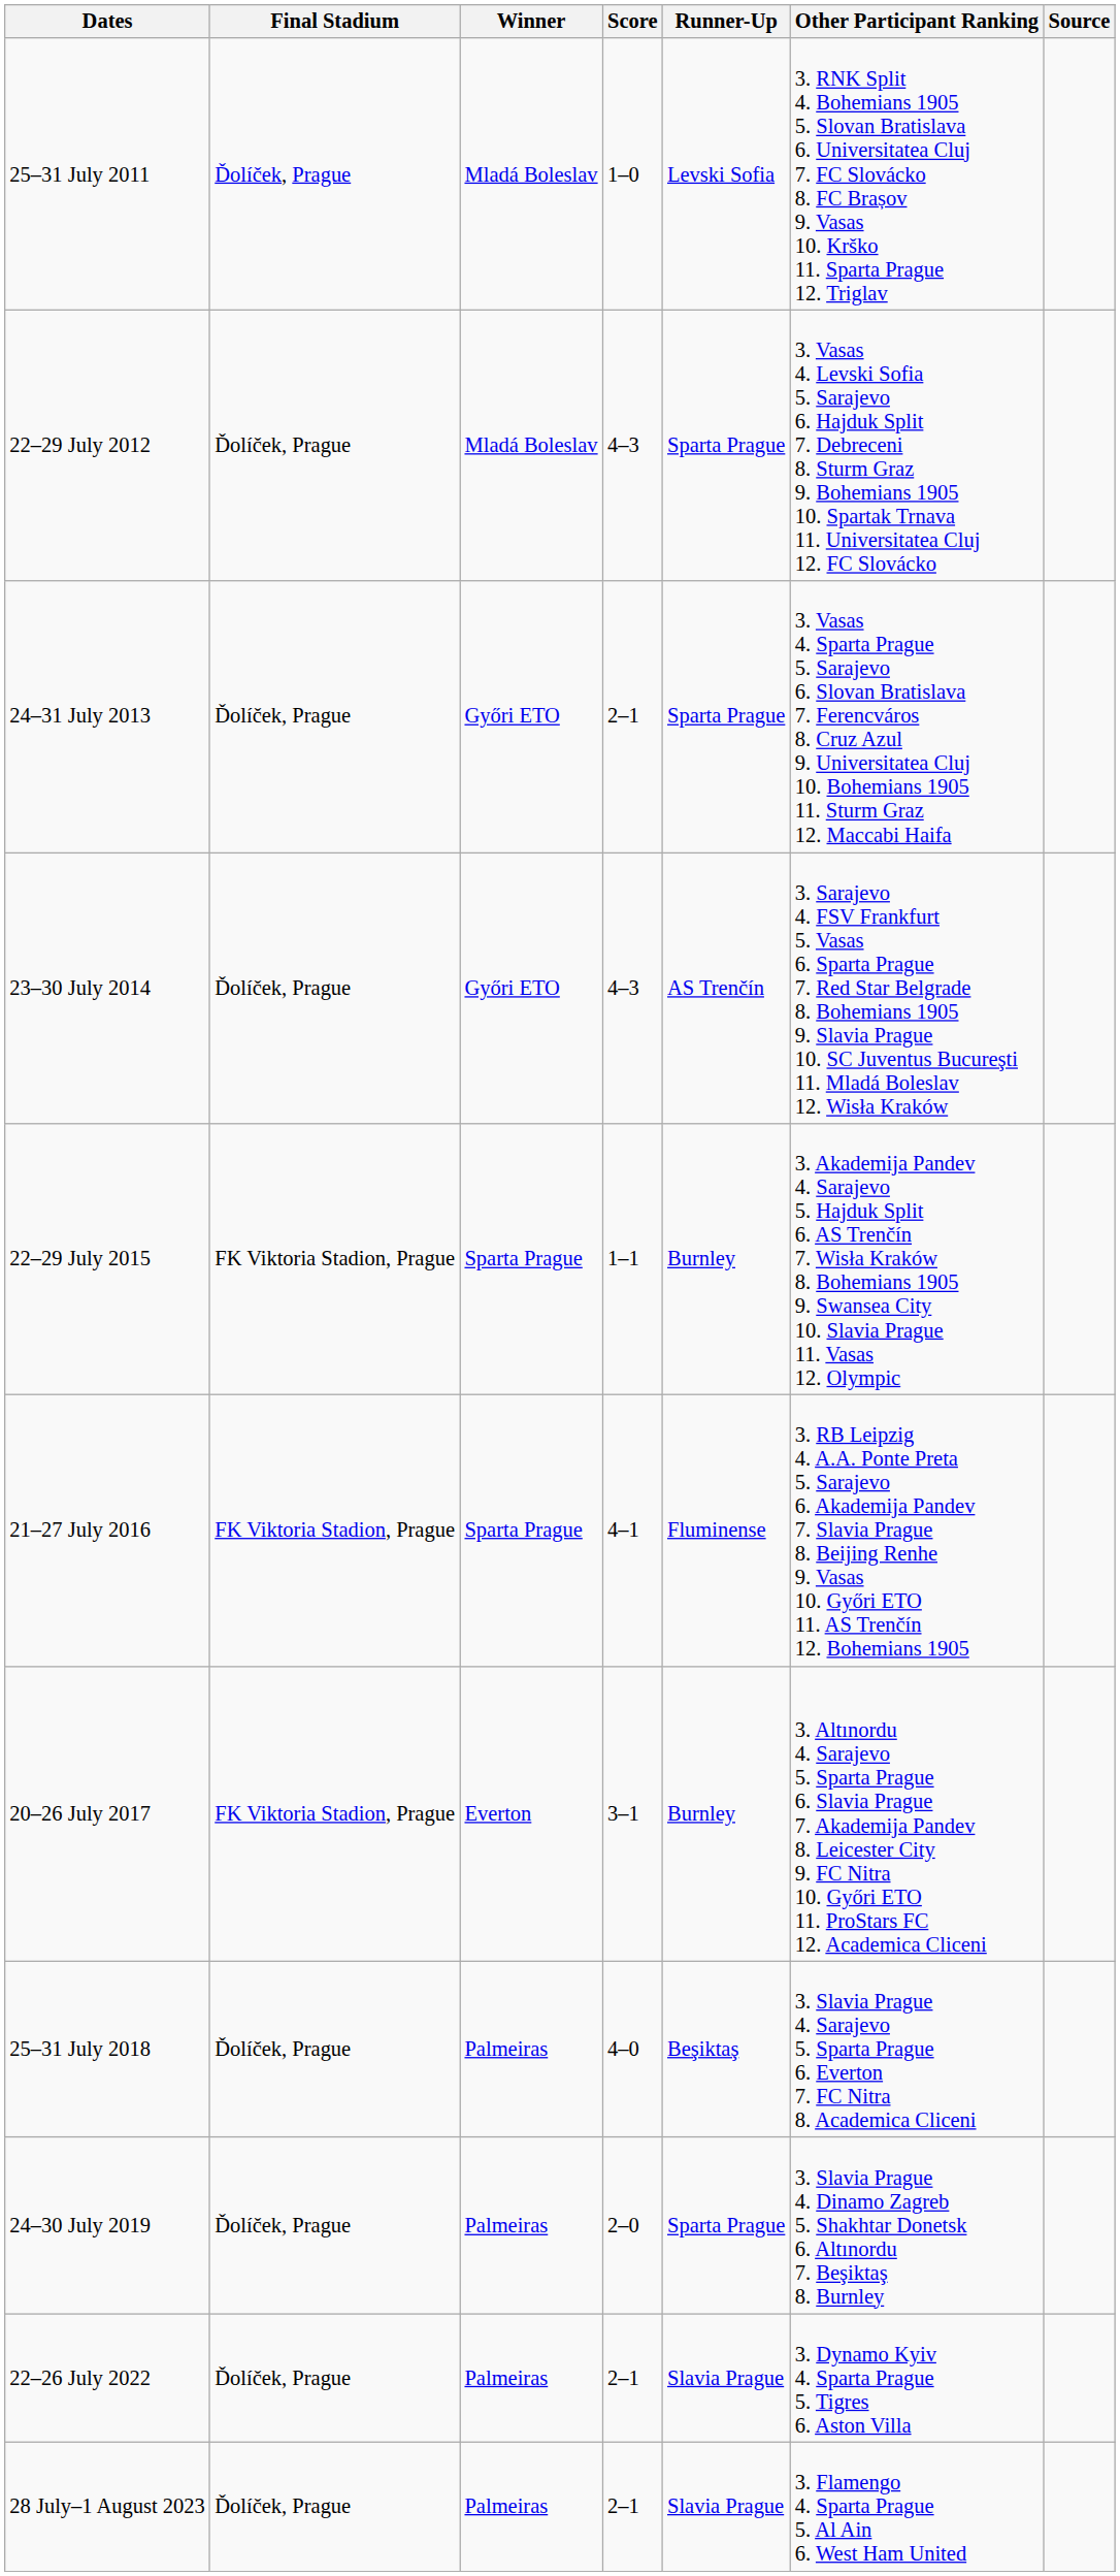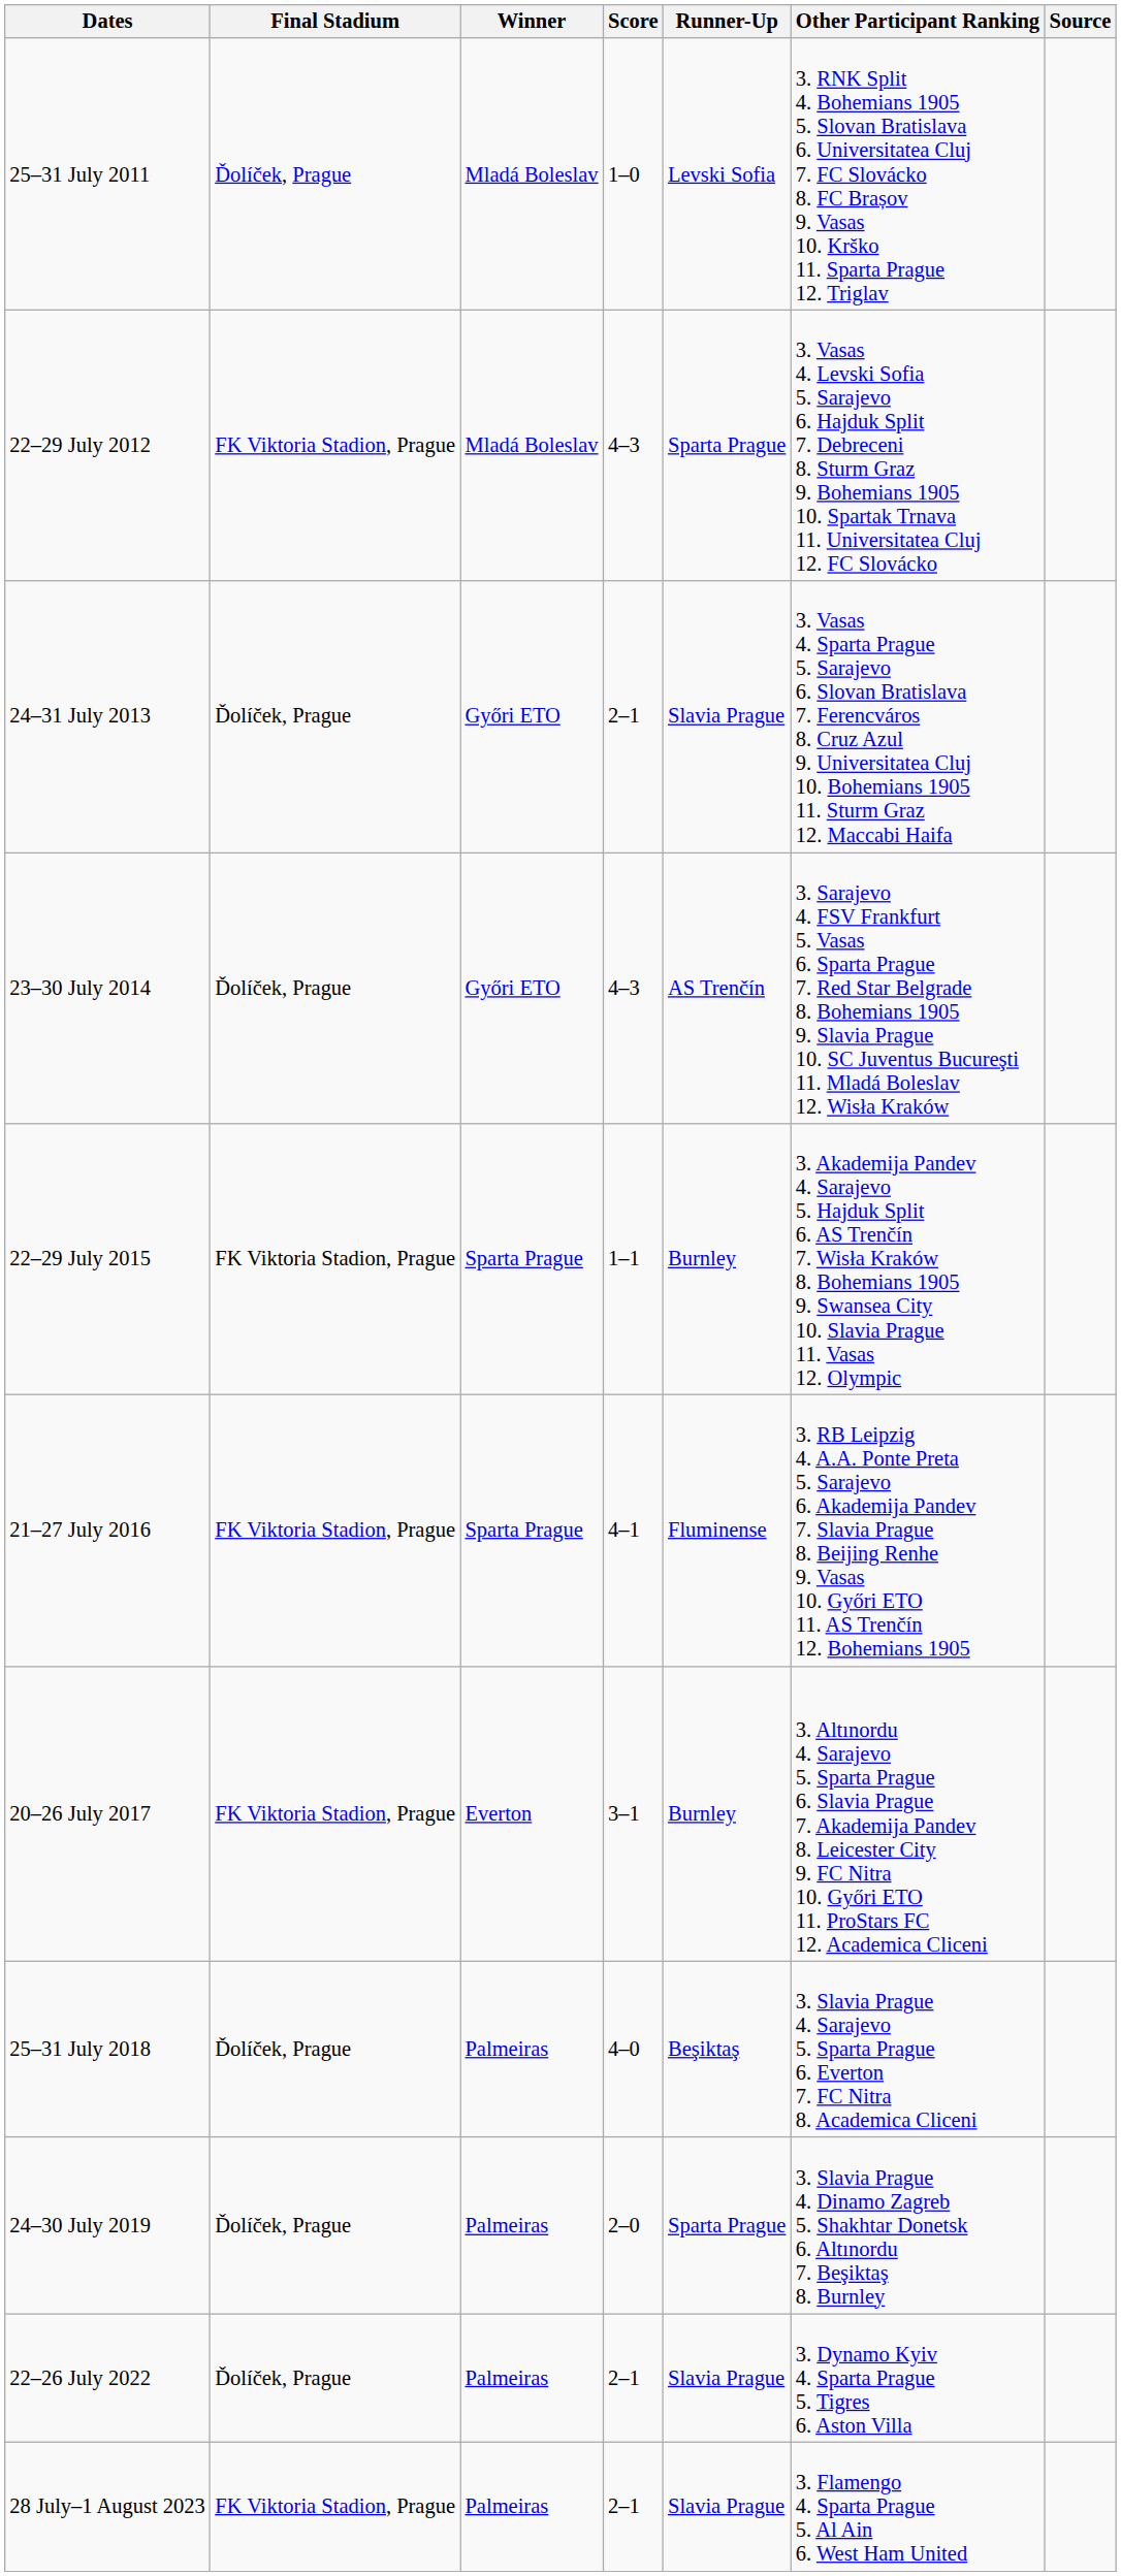 <table class="wikitable">
 <tr>
 <th>Dates</th>
 <th>Final Stadium</th>
 <th>Winner</th>
 <th>Score</th>
 <th>Runner-Up</th>
 <th>Other Participant Ranking</th>
 <th>Source</th>
 </tr>
 <tr>
 <td>25–31 July 2011</td>
 <td><a href='#'>Ďolíček</a>, <a href='#'>Prague</a></td>
 <td> <a href='#'>Mladá Boleslav</a></td>
 <td>1–0</td>
 <td> <a href='#'>Levski Sofia</a></td>
 <td><br>3.  <a href='#'>RNK Split</a> <br>4.  <a href='#'>Bohemians 1905</a> <br>5.  <a href='#'>Slovan Bratislava</a> <br>6.  <a href='#'>Universitatea Cluj</a> <br>7.  <a href='#'>FC Slovácko</a> <br>8.  <a href='#'>FC Brașov</a> <br>9.  <a href='#'>Vasas</a> <br>10.  <a href='#'>Krško</a> <br>11.  <a href='#'>Sparta Prague</a> <br>12.  <a href='#'>Triglav</a></td>
 <td></td>
 </tr>
 <tr>
 <td>22–29 July 2012</td>
-<td>Ďolíček, Prague</td>
+<td><a href='#'>FK Viktoria Stadion</a>, Prague</td>
 <td> <a href='#'>Mladá Boleslav</a></td>
 <td>4–3</td>
 <td> <a href='#'>Sparta Prague</a></td>
 <td><br>3.  <a href='#'>Vasas</a> <br>4.  <a href='#'>Levski Sofia</a> <br>5.  <a href='#'>Sarajevo</a> <br>6.  <a href='#'>Hajduk Split</a> <br>7.  <a href='#'>Debreceni</a> <br>8.  <a href='#'>Sturm Graz</a> <br>9.  <a href='#'>Bohemians 1905</a> <br>10.  <a href='#'>Spartak Trnava</a> <br>11.  <a href='#'>Universitatea Cluj</a> <br>12.  <a href='#'>FC Slovácko</a></td>
 <td></td>
 </tr>
 <tr>
 <td>24–31 July 2013</td>
 <td>Ďolíček, Prague</td>
 <td> <a href='#'>Győri ETO</a></td>
 <td>2–1</td>
-<td> <a href='#'>Sparta Prague</a></td>
+<td> <a href='#'>Slavia Prague</a></td>
 <td><br>3.  <a href='#'>Vasas</a> <br>4.  <a href='#'>Sparta Prague</a> <br>5.  <a href='#'>Sarajevo</a> <br>6.  <a href='#'>Slovan Bratislava</a> <br>7.  <a href='#'>Ferencváros</a> <br>8.  <a href='#'>Cruz Azul</a> <br>9.  <a href='#'>Universitatea Cluj</a> <br>10.  <a href='#'>Bohemians 1905</a> <br>11.  <a href='#'>Sturm Graz</a> <br>12.  <a href='#'>Maccabi Haifa</a></td>
 <td></td>
 </tr>
 <tr>
 <td>23–30 July 2014</td>
 <td>Ďolíček, Prague</td>
 <td> <a href='#'>Győri ETO</a></td>
 <td>4–3</td>
 <td> <a href='#'>AS Trenčín</a></td>
 <td><br>3.  <a href='#'>Sarajevo</a> <br>4.  <a href='#'>FSV Frankfurt</a> <br>5.  <a href='#'>Vasas</a> <br>6.  <a href='#'>Sparta Prague</a> <br>7.  <a href='#'>Red Star Belgrade</a> <br>8.  <a href='#'>Bohemians 1905</a> <br>9.  <a href='#'>Slavia Prague</a> <br>10.  <a href='#'>SC Juventus Bucureşti</a> <br>11.  <a href='#'>Mladá Boleslav</a> <br>12.  <a href='#'>Wisła Kraków</a></td>
 <td></td>
 </tr>
 <tr>
 <td>22–29 July 2015</td>
 <td>FK Viktoria Stadion, Prague</td>
 <td> <a href='#'>Sparta Prague</a></td>
 <td>1–1<br></td>
 <td> <a href='#'>Burnley</a></td>
 <td><br>3.  <a href='#'>Akademija Pandev</a> <br>4.  <a href='#'>Sarajevo</a> <br>5.  <a href='#'>Hajduk Split</a> <br>6.  <a href='#'>AS Trenčín</a> <br>7.  <a href='#'>Wisła Kraków</a> <br>8.  <a href='#'>Bohemians 1905</a> <br>9.  <a href='#'>Swansea City</a> <br>10.  <a href='#'>Slavia Prague</a> <br>11.  <a href='#'>Vasas</a> <br>12.  <a href='#'>Olympic</a></td>
 <td></td>
 </tr>
 <tr>
 <td>21–27 July 2016</td>
 <td><a href='#'>FK Viktoria Stadion</a>, Prague</td>
 <td> <a href='#'>Sparta Prague</a></td>
 <td>4–1</td>
 <td> <a href='#'>Fluminense</a></td>
 <td><br>3.  <a href='#'>RB Leipzig</a> <br>4.  <a href='#'>A.A. Ponte Preta</a> <br>5.  <a href='#'>Sarajevo</a> <br>6.  <a href='#'>Akademija Pandev</a> <br>7.  <a href='#'>Slavia Prague</a> <br>8.  <a href='#'>Beijing Renhe</a> <br>9.  <a href='#'>Vasas</a> <br>10.  <a href='#'>Győri ETO</a> <br>11.  <a href='#'>AS Trenčín</a> <br>12.  <a href='#'>Bohemians 1905</a></td>
 <td></td>
 </tr>
 <tr>
 <td>20–26 July 2017</td>
 <td><a href='#'>FK Viktoria Stadion</a>, Prague</td>
 <td> <a href='#'>Everton</a></td>
 <td>3–1</td>
 <td> <a href='#'>Burnley</a></td>
 <td><br><br>3.  <a href='#'>Altınordu</a> <br>4.  <a href='#'>Sarajevo</a> <br>5.  <a href='#'>Sparta Prague</a> <br>6.  <a href='#'>Slavia Prague</a> <br>7.  <a href='#'>Akademija Pandev</a> <br>8.  <a href='#'>Leicester City</a> <br>9.  <a href='#'>FC Nitra</a> <br>10.  <a href='#'>Győri ETO</a> <br>11.  <a href='#'>ProStars FC</a> <br>12.  <a href='#'>Academica Cliceni</a></td>
 <td></td>
 </tr>
 <tr>
 <td>25–31 July 2018</td>
 <td>Ďolíček, Prague</td>
 <td> <a href='#'>Palmeiras</a></td>
 <td>4–0</td>
 <td> <a href='#'>Beşiktaş</a></td>
 <td><br>3.  <a href='#'>Slavia Prague</a> <br>4.  <a href='#'>Sarajevo</a> <br>5.  <a href='#'>Sparta Prague</a> <br>6.  <a href='#'>Everton</a> <br>7.  <a href='#'>FC Nitra</a> <br>8.  <a href='#'>Academica Cliceni</a></td>
 <td></td>
 </tr>
 <tr>
 <td>24–30 July 2019</td>
 <td>Ďolíček, Prague</td>
 <td> <a href='#'>Palmeiras</a></td>
 <td>2–0</td>
 <td> <a href='#'>Sparta Prague</a></td>
 <td><br>3.   <a href='#'>Slavia Prague</a> <br>4.  <a href='#'>Dinamo Zagreb</a> <br>5.  <a href='#'>Shakhtar Donetsk</a> <br>6.  <a href='#'>Altınordu</a> <br>7.  <a href='#'>Beşiktaş</a> <br>8.  <a href='#'>Burnley</a></td>
 <td></td>
 </tr>
 <tr>
 <td>22–26 July 2022</td>
 <td>Ďolíček, Prague</td>
 <td> <a href='#'>Palmeiras</a></td>
 <td>2–1</td>
 <td> <a href='#'>Slavia Prague</a></td>
 <td><br>3.  <a href='#'>Dynamo Kyiv</a>  <br>4.  <a href='#'>Sparta Prague</a> <br>5.  <a href='#'>Tigres</a> <br>6.  <a href='#'>Aston Villa</a></td>
 <td></td>
 </tr>
 <tr>
 <td>28 July–1 August 2023</td>
-<td>Ďolíček, Prague</td>
+<td><a href='#'>FK Viktoria Stadion</a>, Prague</td>
 <td> <a href='#'>Palmeiras</a></td>
 <td>2–1</td>
 <td> <a href='#'>Slavia Prague</a></td>
 <td><br>3.  <a href='#'>Flamengo</a>  <br>4.  <a href='#'>Sparta Prague</a> <br>5.  <a href='#'>Al Ain</a> <br>6.  <a href='#'>West Ham United</a></td>
 <td></td>
 </tr>
 </table>
